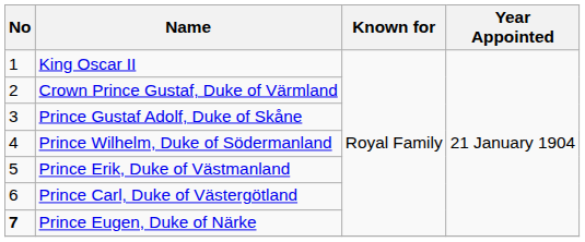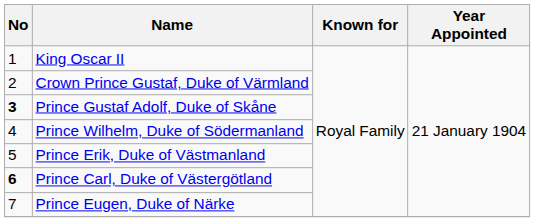 <table class="wikitable sortable">
 <tr>
 <th>No</th>
 <th>Name</th>
 <th>Known for</th>
 <th>Year<br>Appointed</th>
 </tr>
 <tr>
 <td>1</td>
 <td> <a href='#'>King Oscar II</a></td>
 <td rowspan=7>Royal Family</td>
 <td rowspan=7>21 January 1904</td>
 </tr>
 <tr>
 <td>2</td>
 <td> <a href='#'>Crown Prince Gustaf, Duke of Värmland</a></td>
 </tr>
 <tr>
-<td>3</td>
+<td><strong>3</strong></td>
 <td> <a href='#'>Prince Gustaf Adolf, Duke of Skåne</a></td>
 </tr>
 <tr>
 <td>4</td>
 <td> <a href='#'>Prince Wilhelm, Duke of Södermanland</a></td>
 </tr>
 <tr>
 <td>5</td>
 <td> <a href='#'>Prince Erik, Duke of Västmanland</a></td>
 </tr>
 <tr>
-<td>6</td>
+<td><strong>6</strong></td>
 <td> <a href='#'>Prince Carl, Duke of Västergötland</a></td>
 </tr>
 <tr>
-<td><strong>7</strong></td>
+<td>7</td>
 <td> <a href='#'>Prince Eugen, Duke of Närke</a></td>
 </tr>
 <tr>
 </tr>
 </table>
